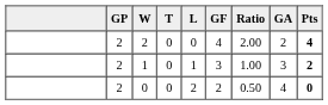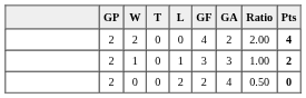 <table border=1 cellpadding=5 cellspacing=0>
 <tr>
 <th bgcolor="#efefef" width="120">　</th>
 <th bgcolor="#efefef" width="20">GP</th>
 <th bgcolor="#efefef" width="20">W</th>
 <th bgcolor="#efefef" width="20">T</th>
 <th bgcolor="#efefef" width="20">L</th>
 <th bgcolor="#efefef" width="20">GF</th>
+<th bgcolor="#efefef" width="20">GA</th>
 <th bgcolor="#efefef" width="20">Ratio</th>
-<th bgcolor="#efefef" width="20">GA</th>
 <th bgcolor="#efefef" width="20">Pts</th>
 </tr>
 <tr align=center>
 <td align=left><strong></strong></td>
 <td>2</td>
 <td>2</td>
 <td>0</td>
 <td>0</td>
 <td>4</td>
+<td>2</td>
 <td>2.00</td>
-<td>2</td>
 <td><strong>4</strong></td>
 </tr>
 <tr align=center>
 <td align=left><strong></strong></td>
 <td>2</td>
 <td>1</td>
 <td>0</td>
 <td>1</td>
 <td>3</td>
+<td>3</td>
 <td>1.00</td>
-<td>3</td>
 <td><strong>2</strong></td>
 </tr>
 <tr align=center>
 <td align=left></td>
 <td>2</td>
 <td>0</td>
 <td>0</td>
 <td>2</td>
 <td>2</td>
+<td>4</td>
 <td>0.50</td>
-<td>4</td>
 <td><strong>0</strong></td>
 </tr>
 </table>
